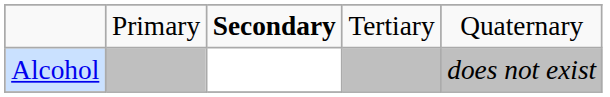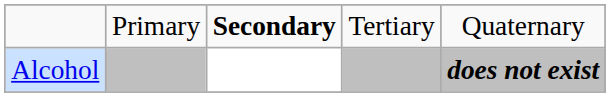 <table class="wikitable" style="text-align:center" |>
 <tr>
 <td></td>
 <td>Primary</td>
 <td><strong>Secondary</strong></td>
 <td>Tertiary</td>
 <td>Quaternary</td>
 </tr>
 <tr>
 <td style="background-color:#CAE1FF"><a href='#'>Alcohol</a></td>
 <td style="background-color:#BFBFBF"></td>
 <td style="background-color:#FFFFFF"></td>
 <td style="background-color:#BFBFBF"></td>
-<td style="background-color:#BFBFBF"><em>does not exist</em></td>
+<td style="background-color:#BFBFBF"><strong><em>does not exist</em></strong></td>
 </tr>
 </table>
